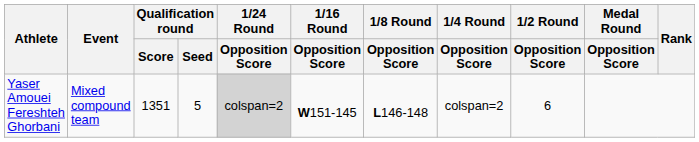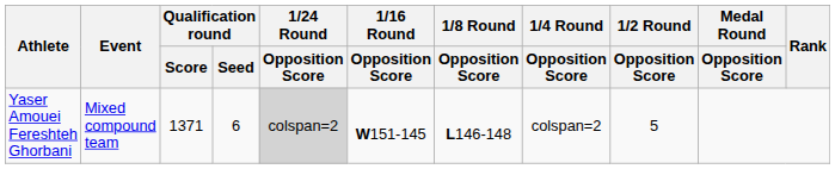 <table class="wikitable">
 <tr>
 <th rowspan="2">Athlete</th>
 <th rowspan="2">Event</th>
 <th colspan="2">Qualification round</th>
 <th>1/24 Round</th>
 <th>1/16 Round</th>
 <th>1/8 Round</th>
 <th>1/4 Round</th>
 <th>1/2 Round</th>
 <th>Medal Round</th>
 <th rowspan=2>Rank</th>
 </tr>
 <tr>
 <th>Score</th>
 <th>Seed</th>
 <th>Opposition<br>Score</th>
 <th>Opposition<br>Score</th>
 <th>Opposition<br>Score</th>
 <th>Opposition<br>Score</th>
 <th>Opposition<br>Score</th>
 <th>Opposition<br>Score</th>
 </tr>
 <tr align=center>
 <td align=left><a href='#'>Yaser Amouei</a><br><a href='#'>Fereshteh Ghorbani</a></td>
 <td align=left><a href='#'>Mixed compound team</a></td>
-<td>1351</td>
-<td>5</td>
+<td>1371</td>
+<td>6</td>
 <td style="background: lightgrey;">colspan=2 </td>
 <td><br><strong>W</strong>151-145</td>
 <td><br><strong>L</strong>146-148</td>
 <td>colspan=2 </td>
-<td>6</td>
+<td>5</td>
 </tr>
 </table>
